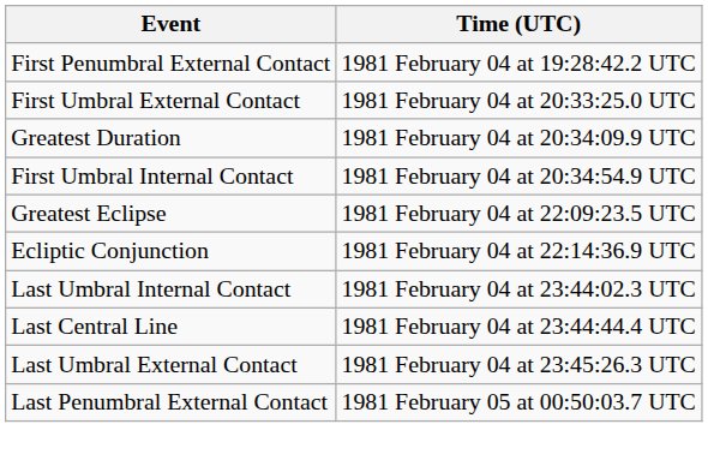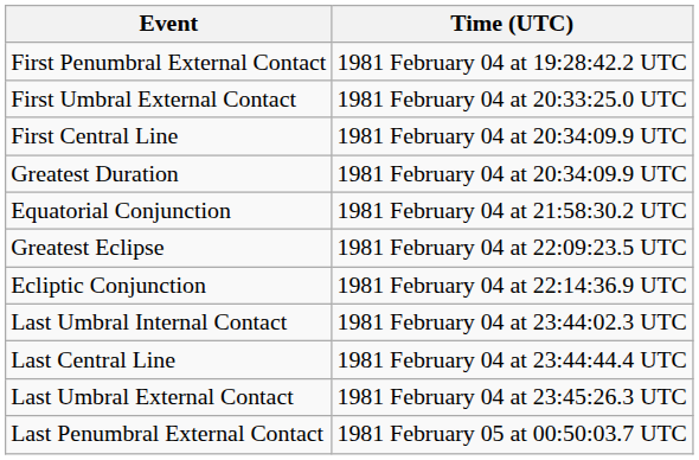 <table class="wikitable">
 <tr>
 <th>Event</th>
 <th>Time (UTC)</th>
 </tr>
 <tr>
 <td>First Penumbral External Contact</td>
 <td>1981 February 04 at 19:28:42.2 UTC</td>
 </tr>
 <tr>
 <td>First Umbral External Contact</td>
 <td>1981 February 04 at 20:33:25.0 UTC</td>
 </tr>
 <tr>
+<td>First Central Line</td>
+<td>1981 February 04 at 20:34:09.9 UTC</td>
+</tr>
+<tr>
 <td>Greatest Duration</td>
 <td>1981 February 04 at 20:34:09.9 UTC</td>
 </tr>
 <tr>
-<td>First Umbral Internal Contact</td>
-<td>1981 February 04 at 20:34:54.9 UTC</td>
+<td>Equatorial Conjunction</td>
+<td>1981 February 04 at 21:58:30.2 UTC</td>
 </tr>
 <tr>
 <td>Greatest Eclipse</td>
 <td>1981 February 04 at 22:09:23.5 UTC</td>
 </tr>
 <tr>
 <td>Ecliptic Conjunction</td>
 <td>1981 February 04 at 22:14:36.9 UTC</td>
 </tr>
 <tr>
 <td>Last Umbral Internal Contact</td>
 <td>1981 February 04 at 23:44:02.3 UTC</td>
 </tr>
 <tr>
 <td>Last Central Line</td>
 <td>1981 February 04 at 23:44:44.4 UTC</td>
 </tr>
 <tr>
 <td>Last Umbral External Contact</td>
 <td>1981 February 04 at 23:45:26.3 UTC</td>
 </tr>
 <tr>
 <td>Last Penumbral External Contact</td>
 <td>1981 February 05 at 00:50:03.7 UTC</td>
 </tr>
 </table>
